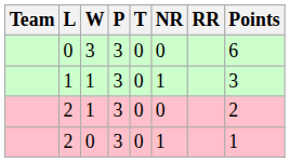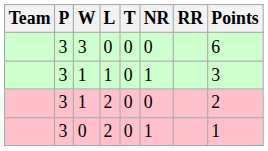 <table class="wikitable">
 <tr>
 <th>Team</th>
+<th>P</th>
+<th>W</th>
 <th>L</th>
-<th>W</th>
-<th>P</th>
 <th>T</th>
 <th>NR</th>
 <th>RR</th>
 <th>Points</th>
 </tr>
 <tr bgcolor=ccffcc>
 <td align=left></td>
-<td>0</td>
 <td>3</td>
 <td>3</td>
+<td>0</td>
 <td>0</td>
 <td>0</td>
 <td></td>
 <td>6</td>
 </tr>
 <tr bgcolor=ccffcc>
 <td align=left></td>
+<td>3</td>
 <td>1</td>
 <td>1</td>
-<td>3</td>
 <td>0</td>
 <td>1</td>
 <td></td>
 <td>3</td>
 </tr>
 <tr bgcolor=pink>
 <td align=left></td>
+<td>3</td>
+<td>1</td>
 <td>2</td>
-<td>1</td>
-<td>3</td>
 <td>0</td>
 <td>0</td>
 <td></td>
 <td>2</td>
 </tr>
 <tr bgcolor=pink>
 <td align=left></td>
+<td>3</td>
+<td>0</td>
 <td>2</td>
-<td>0</td>
-<td>3</td>
 <td>0</td>
 <td>1</td>
 <td></td>
 <td>1</td>
 </tr>
 </table>
